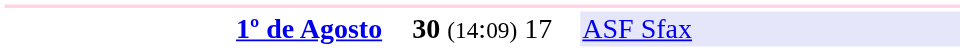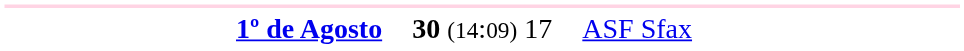 <table style="text-align:center" width=550>
 <tr>
 <th width=30%></th>
 <th width=15%></th>
 <th width=30%></th>
 </tr>
 <tr align="left" bgcolor=#ffd4e4>
 <td colspan=4></td>
 </tr>
 <tr>
 <td align="right"><strong><a href='#'>1º de Agosto</a></strong> </td>
 <td><strong>30</strong> <small>(14</small>:<small>09)</small> 17</td>
-<td align=left style="background: lavender;"> <a href='#'>ASF Sfax</a></td>
+<td align=left> <a href='#'>ASF Sfax</a></td>
 </tr>
 </table>
